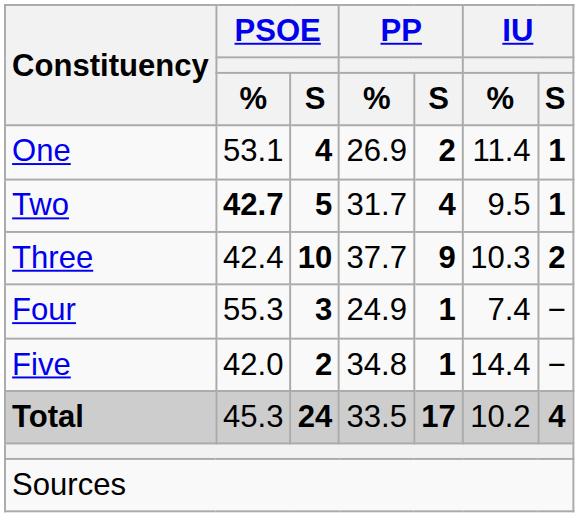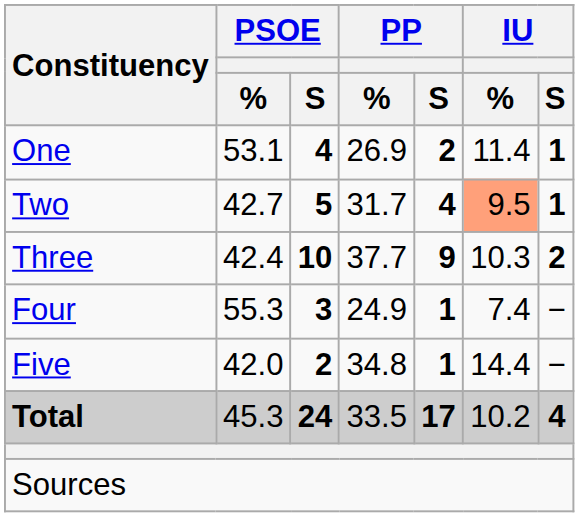 <table class="wikitable sortable" style="text-align:right; line-height:20px;">
 <tr>
 <th rowspan="3">Constituency</th>
 <th colspan="2" width="30px" class="unsortable"><a href='#'>PSOE</a></th>
 <th colspan="2" width="30px" class="unsortable"><a href='#'>PP</a></th>
 <th colspan="2" width="30px" class="unsortable"><a href='#'>IU</a></th>
 </tr>
 <tr>
 <th colspan="2" style="background:"></th>
 <th colspan="2" style="background:"></th>
 <th colspan="2" style="background:"></th>
 </tr>
 <tr>
 <th data-sort-type="number">%</th>
 <th data-sort-type="number">S</th>
 <th data-sort-type="number">%</th>
 <th data-sort-type="number">S</th>
 <th data-sort-type="number">%</th>
 <th data-sort-type="number">S</th>
 </tr>
 <tr>
 <td align="left"><a href='#'>One</a></td>
 <td style="background:">53.1</td>
 <td><strong>4</strong></td>
 <td>26.9</td>
 <td><strong>2</strong></td>
 <td>11.4</td>
 <td><strong>1</strong></td>
 </tr>
 <tr>
 <td align="left"><a href='#'>Two</a></td>
-<td style="background:"><strong>42.7</strong></td>
+<td style="background:">42.7</td>
 <td><strong>5</strong></td>
 <td>31.7</td>
 <td><strong>4</strong></td>
-<td>9.5</td>
+<td style="background: lightsalmon;">9.5</td>
 <td><strong>1</strong></td>
 </tr>
 <tr>
 <td align="left"><a href='#'>Three</a></td>
 <td style="background:">42.4</td>
 <td><strong>10</strong></td>
 <td>37.7</td>
 <td><strong>9</strong></td>
 <td>10.3</td>
 <td><strong>2</strong></td>
 </tr>
 <tr>
 <td align="left"><a href='#'>Four</a></td>
 <td style="background:">55.3</td>
 <td><strong>3</strong></td>
 <td>24.9</td>
 <td><strong>1</strong></td>
 <td>7.4</td>
 <td>−</td>
 </tr>
 <tr>
 <td align="left"><a href='#'>Five</a></td>
 <td style="background:">42.0</td>
 <td><strong>2</strong></td>
 <td>34.8</td>
 <td><strong>1</strong></td>
 <td>14.4</td>
 <td>−</td>
 </tr>
 <tr style="background:#CDCDCD;">
 <td align="left"><strong>Total</strong></td>
 <td style="background:">45.3</td>
 <td><strong>24</strong></td>
 <td>33.5</td>
 <td><strong>17</strong></td>
 <td>10.2</td>
 <td><strong>4</strong></td>
 </tr>
 <tr>
 <th colspan="7" bgcolor="#E9E9E9"></th>
 </tr>
 <tr>
 <th style="text-align:left; font-weight:normal; background:#F9F9F9" colspan="7">Sources</th>
 </tr>
 </table>
